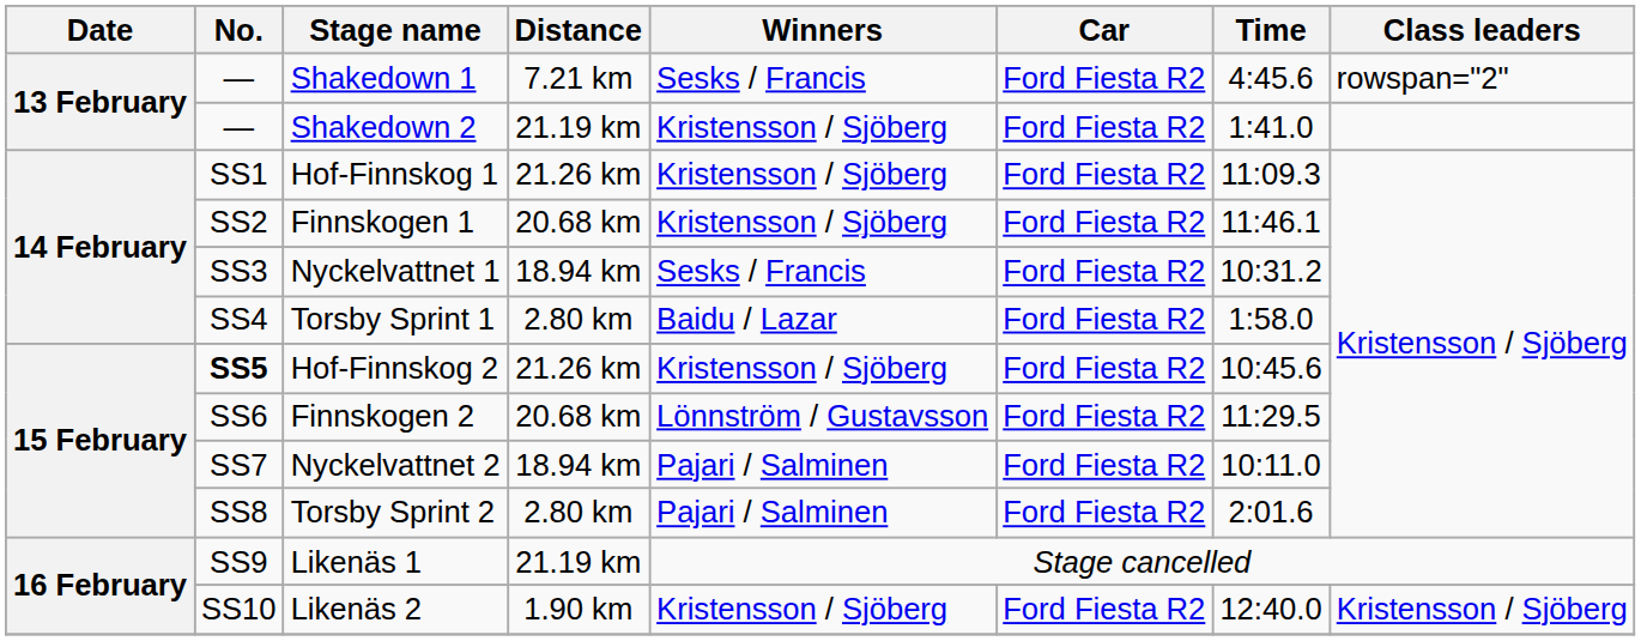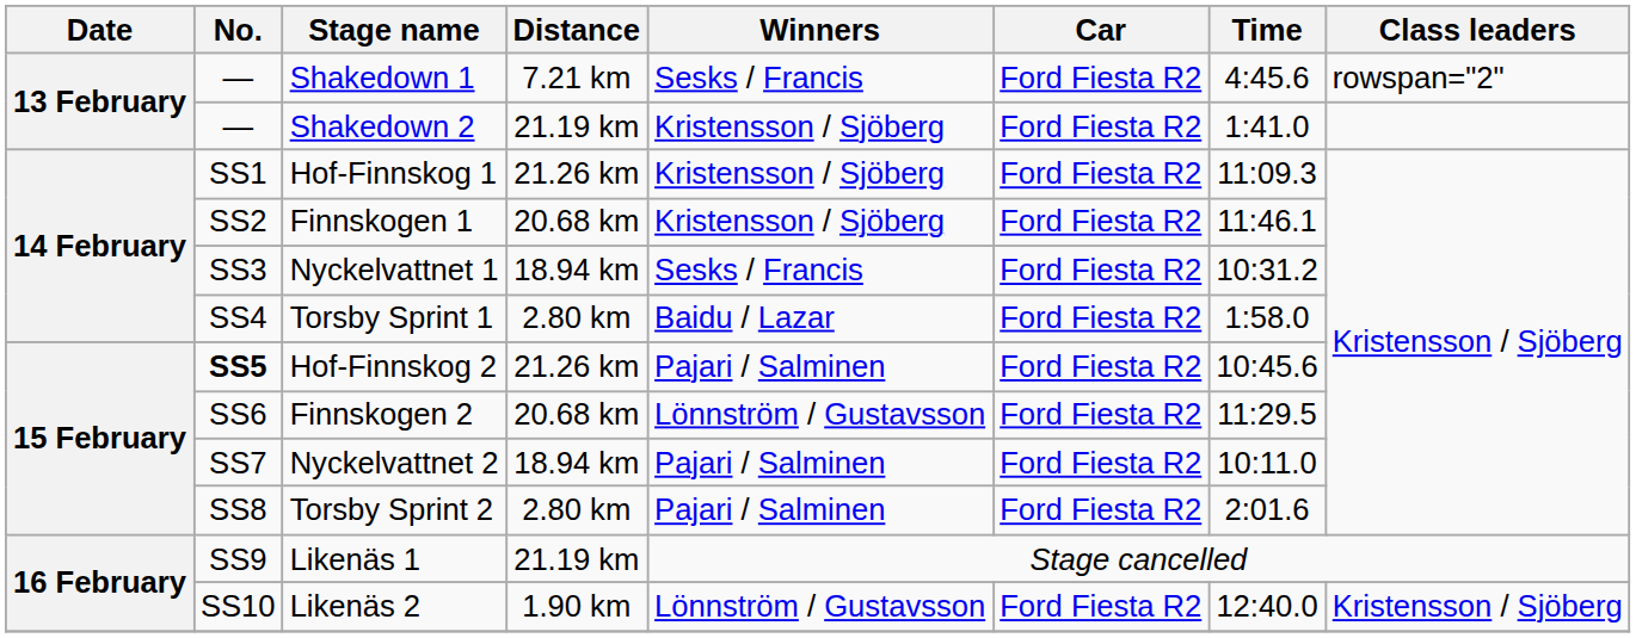 <table class="wikitable" style="font-size: 85%;">
 <tr>
 <th>Date</th>
 <th>No.</th>
 <th>Stage name</th>
 <th>Distance</th>
 <th>Winners</th>
 <th>Car</th>
 <th>Time</th>
 <th nowrap>Class leaders</th>
 </tr>
 <tr>
 <th rowspan="2" nowrap>13 February</th>
 <td align="center">—</td>
 <td><a href='#'>Shakedown 1</a></td>
 <td align="center">7.21 km</td>
 <td><a href='#'>Sesks</a> / <a href='#'>Francis</a></td>
 <td nowrap><a href='#'>Ford Fiesta R2</a></td>
 <td align="center">4:45.6</td>
 <td>rowspan="2" </td>
 </tr>
 <tr>
 <td align="center">—</td>
 <td nowrap><a href='#'>Shakedown 2</a></td>
 <td align="center">21.19 km</td>
 <td><a href='#'>Kristensson</a> / <a href='#'>Sjöberg</a></td>
 <td><a href='#'>Ford Fiesta R2</a></td>
 <td align="center">1:41.0</td>
 </tr>
 <tr>
 <th rowspan="4" nowrap>14 February</th>
 <td align="center">SS1</td>
 <td>Hof-Finnskog 1</td>
 <td align="center">21.26 km</td>
 <td><a href='#'>Kristensson</a> / <a href='#'>Sjöberg</a></td>
 <td><a href='#'>Ford Fiesta R2</a></td>
 <td align="center">11:09.3</td>
 <td rowspan="8" nowrap><a href='#'>Kristensson</a> / <a href='#'>Sjöberg</a></td>
 </tr>
 <tr>
 <td align="center">SS2</td>
 <td>Finnskogen 1</td>
 <td align="center">20.68 km</td>
 <td><a href='#'>Kristensson</a> / <a href='#'>Sjöberg</a></td>
 <td><a href='#'>Ford Fiesta R2</a></td>
 <td align="center">11:46.1</td>
 </tr>
 <tr>
 <td align="center">SS3</td>
 <td>Nyckelvattnet 1</td>
 <td align="center">18.94 km</td>
 <td><a href='#'>Sesks</a> / <a href='#'>Francis</a></td>
 <td><a href='#'>Ford Fiesta R2</a></td>
 <td align="center">10:31.2</td>
 </tr>
 <tr>
 <td align="center">SS4</td>
 <td>Torsby Sprint 1</td>
 <td align="center">2.80 km</td>
 <td><a href='#'>Baidu</a> / <a href='#'>Lazar</a></td>
 <td><a href='#'>Ford Fiesta R2</a></td>
 <td align="center">1:58.0</td>
 </tr>
 <tr>
 <th rowspan="4">15 February</th>
 <td align="center"><strong>SS5</strong></td>
 <td>Hof-Finnskog 2</td>
 <td align="center">21.26 km</td>
-<td><a href='#'>Kristensson</a> / <a href='#'>Sjöberg</a></td>
+<td><a href='#'>Pajari</a> / <a href='#'>Salminen</a></td>
 <td><a href='#'>Ford Fiesta R2</a></td>
 <td align="center">10:45.6</td>
 </tr>
 <tr>
 <td align="center">SS6</td>
 <td>Finnskogen 2</td>
 <td align="center">20.68 km</td>
 <td nowrap><a href='#'>Lönnström</a> / <a href='#'>Gustavsson</a></td>
 <td><a href='#'>Ford Fiesta R2</a></td>
 <td align="center">11:29.5</td>
 </tr>
 <tr>
 <td align="center">SS7</td>
 <td>Nyckelvattnet 2</td>
 <td align="center">18.94 km</td>
 <td><a href='#'>Pajari</a> / <a href='#'>Salminen</a></td>
 <td><a href='#'>Ford Fiesta R2</a></td>
 <td align="center">10:11.0</td>
 </tr>
 <tr>
 <td align="center">SS8</td>
 <td>Torsby Sprint 2</td>
 <td align="center">2.80 km</td>
 <td><a href='#'>Pajari</a> / <a href='#'>Salminen</a></td>
 <td><a href='#'>Ford Fiesta R2</a></td>
 <td align="center">2:01.6</td>
 </tr>
 <tr>
 <th rowspan="2">16 February</th>
 <td align="center">SS9</td>
 <td>Likenäs 1</td>
 <td align="center">21.19 km</td>
 <td colspan="4" align="center"><em>Stage cancelled</em></td>
 </tr>
 <tr>
 <td align="center">SS10</td>
 <td nowrap>Likenäs 2</td>
 <td align="center">1.90 km</td>
-<td><a href='#'>Kristensson</a> / <a href='#'>Sjöberg</a></td>
+<td><a href='#'>Lönnström</a> / <a href='#'>Gustavsson</a></td>
 <td><a href='#'>Ford Fiesta R2</a></td>
 <td align="center">12:40.0</td>
 <td><a href='#'>Kristensson</a> / <a href='#'>Sjöberg</a></td>
 </tr>
 <tr>
 </tr>
 </table>
